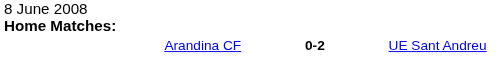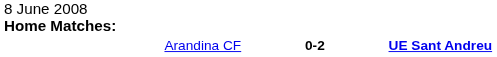 <table width=100% cellspacing=1>
 <tr>
 <th width=20%></th>
 <th width=12%></th>
 <th width=20%></th>
 <th></th>
 </tr>
 <tr>
 <td>8 June 2008<br><strong>Home Matches:</strong></td>
 </tr>
 <tr style=font-size:90%>
 <td align=right><a href='#'>Arandina CF</a></td>
 <td align=center><strong>0-2</strong></td>
-<td><a href='#'>UE Sant Andreu</a></td>
+<td><strong><a href='#'>UE Sant Andreu</a></strong></td>
 </tr>
 </table>
